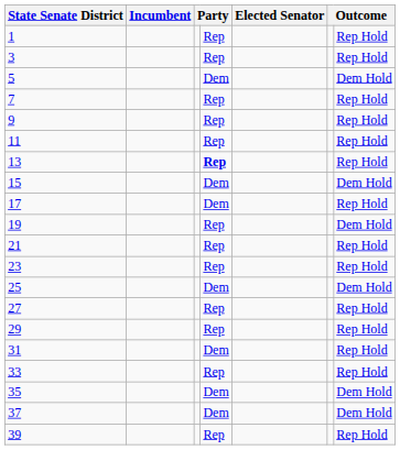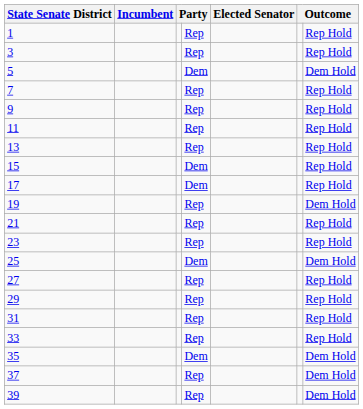 <table class="wikitable sortable">
 <tr>
 <th><a href='#'>State Senate</a> District</th>
 <th><a href='#'>Incumbent</a></th>
 <th colspan="2">Party</th>
 <th>Elected Senator</th>
 <th colspan="2">Outcome</th>
 </tr>
 <tr>
 <td><a href='#'>1</a></td>
 <td></td>
 <td style="background:"></td>
 <td><a href='#'>Rep</a></td>
 <td><em></em></td>
 <td style="background:"></td>
 <td><a href='#'>Rep Hold</a></td>
 </tr>
 <tr>
 <td><a href='#'>3</a></td>
 <td></td>
 <td style="background:"></td>
 <td><a href='#'>Rep</a></td>
 <td></td>
 <td style="background:"></td>
 <td><a href='#'>Rep Hold</a></td>
 </tr>
 <tr>
 <td><a href='#'>5</a></td>
 <td></td>
 <td style="background:"></td>
 <td><a href='#'>Dem</a></td>
 <td></td>
 <td style="background:"></td>
 <td><a href='#'>Dem Hold</a></td>
 </tr>
 <tr>
 <td><a href='#'>7</a></td>
 <td></td>
 <td style="background:"></td>
 <td><a href='#'>Rep</a></td>
 <td><em></em></td>
 <td style="background:"></td>
 <td><a href='#'>Rep Hold</a></td>
 </tr>
 <tr>
 <td><a href='#'>9</a></td>
 <td></td>
 <td style="background:"></td>
 <td><a href='#'>Rep</a></td>
 <td><em></em></td>
 <td style="background:"></td>
 <td><a href='#'>Rep Hold</a></td>
 </tr>
 <tr>
 <td><a href='#'>11</a></td>
 <td></td>
 <td style="background:"></td>
 <td><a href='#'>Rep</a></td>
 <td></td>
 <td style="background:"></td>
 <td><a href='#'>Rep Hold</a></td>
 </tr>
 <tr>
 <td><a href='#'>13</a></td>
 <td></td>
 <td style="background:"></td>
-<td><strong><a href='#'>Rep</a></strong></td>
+<td><a href='#'>Rep</a></td>
 <td><em></em></td>
 <td style="background:"></td>
 <td><a href='#'>Rep Hold</a></td>
 </tr>
 <tr>
 <td><a href='#'>15</a></td>
 <td></td>
 <td style="background:"></td>
 <td><a href='#'>Dem</a></td>
 <td></td>
 <td style="background:"></td>
-<td><a href='#'>Dem Hold</a></td>
+<td><a href='#'>Rep Hold</a></td>
 </tr>
 <tr>
 <td><a href='#'>17</a></td>
 <td></td>
 <td style="background:"></td>
 <td><a href='#'>Dem</a></td>
 <td><em></em></td>
 <td style="background:"></td>
 <td><a href='#'>Rep Hold</a></td>
 </tr>
 <tr>
 <td><a href='#'>19</a></td>
 <td></td>
 <td style="background:"></td>
 <td><a href='#'>Rep</a></td>
 <td><em></em></td>
 <td style="background:"></td>
 <td><a href='#'>Dem Hold</a></td>
 </tr>
 <tr>
 <td><a href='#'>21</a></td>
 <td></td>
 <td style="background:"></td>
 <td><a href='#'>Rep</a></td>
 <td></td>
 <td style="background:"></td>
 <td><a href='#'>Rep Hold</a></td>
 </tr>
 <tr>
 <td><a href='#'>23</a></td>
 <td></td>
 <td style="background:"></td>
 <td><a href='#'>Rep</a></td>
 <td></td>
 <td style="background:"></td>
 <td><a href='#'>Rep Hold</a></td>
 </tr>
 <tr>
 <td><a href='#'>25</a></td>
 <td></td>
 <td style="background:"></td>
 <td><a href='#'>Dem</a></td>
 <td><em></em></td>
 <td style="background:"></td>
 <td><a href='#'>Dem Hold</a></td>
 </tr>
 <tr>
 <td><a href='#'>27</a></td>
 <td></td>
 <td style="background:"></td>
 <td><a href='#'>Rep</a></td>
 <td></td>
 <td style="background:"></td>
 <td><a href='#'>Rep Hold</a></td>
 </tr>
 <tr>
 <td><a href='#'>29</a></td>
 <td></td>
 <td style="background:"></td>
 <td><a href='#'>Rep</a></td>
 <td></td>
 <td style="background:"></td>
 <td><a href='#'>Rep Hold</a></td>
 </tr>
 <tr>
 <td><a href='#'>31</a></td>
 <td></td>
 <td style="background:"></td>
-<td><a href='#'>Dem</a></td>
+<td><a href='#'>Rep</a></td>
 <td></td>
 <td style="background:"></td>
 <td><a href='#'>Rep Hold</a></td>
 </tr>
 <tr>
 <td><a href='#'>33</a></td>
 <td></td>
 <td style="background:"></td>
 <td><a href='#'>Rep</a></td>
 <td></td>
 <td style="background:"></td>
 <td><a href='#'>Rep Hold</a></td>
 </tr>
 <tr>
 <td><a href='#'>35</a></td>
 <td></td>
 <td style="background:"></td>
 <td><a href='#'>Dem</a></td>
 <td><em></em></td>
 <td style="background:"></td>
 <td><a href='#'>Dem Hold</a></td>
 </tr>
 <tr>
 <td><a href='#'>37</a></td>
 <td></td>
 <td style="background:"></td>
-<td><a href='#'>Dem</a></td>
+<td><a href='#'>Rep</a></td>
 <td></td>
 <td style="background:"></td>
 <td><a href='#'>Dem Hold</a></td>
 </tr>
 <tr>
 <td><a href='#'>39</a></td>
 <td></td>
 <td style="background:"></td>
 <td><a href='#'>Rep</a></td>
 <td></td>
 <td style="background:"></td>
-<td><a href='#'>Rep Hold</a></td>
+<td><a href='#'>Dem Hold</a></td>
 </tr>
 </table>
